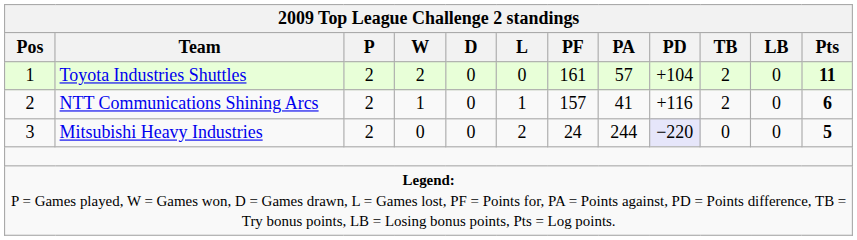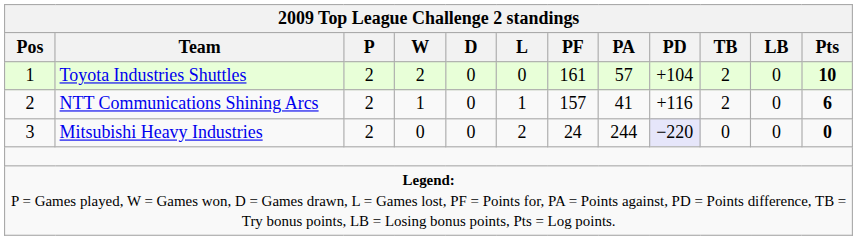 <table class="wikitable" style="text-align:center; font-size:100%; width:60%;">
 <tr>
 <th colspan="100%" cellpadding="0" cellspacing="0"><strong>2009 Top League Challenge 2 standings</strong></th>
 </tr>
 <tr>
 <th style="width:6%;">Pos</th>
 <th style="width:34%;">Team</th>
 <th style="width:6%;">P</th>
 <th style="width:6%;">W</th>
 <th style="width:6%;">D</th>
 <th style="width:6%;">L</th>
 <th style="width:6%;">PF</th>
 <th style="width:6%;">PA</th>
 <th style="width:6%;">PD</th>
 <th style="width:6%;">TB</th>
 <th style="width:6%;">LB</th>
 <th style="width:6%;">Pts<br></th>
 </tr>
 <tr style="background:#E8FFD8;">
 <td>1</td>
 <td style="text-align:left;"><a href='#'>Toyota Industries Shuttles</a></td>
 <td>2</td>
 <td>2</td>
 <td>0</td>
 <td>0</td>
 <td>161</td>
 <td>57</td>
 <td>+104</td>
 <td>2</td>
 <td>0</td>
-<td><strong>11</strong></td>
+<td><strong>10</strong></td>
 </tr>
 <tr>
 <td>2</td>
 <td style="text-align:left;"><a href='#'>NTT Communications Shining Arcs</a></td>
 <td>2</td>
 <td>1</td>
 <td>0</td>
 <td>1</td>
 <td>157</td>
 <td>41</td>
 <td>+116</td>
 <td>2</td>
 <td>0</td>
 <td><strong>6</strong></td>
 </tr>
 <tr>
 <td>3</td>
 <td style="text-align:left;"><a href='#'>Mitsubishi Heavy Industries</a></td>
 <td>2</td>
 <td>0</td>
 <td>0</td>
 <td>2</td>
 <td>24</td>
 <td>244</td>
 <td style="background: lavender;">−220</td>
 <td>0</td>
 <td>0</td>
-<td><strong>5</strong></td>
+<td><strong>0</strong></td>
 </tr>
 <tr>
 <td colspan="100%" style="height:10px;"></td>
 </tr>
 <tr>
 <td colspan="100%"><small><strong>Legend:</strong> <br> P = Games played, W = Games won, D = Games drawn, L = Games lost, PF = Points for, PA = Points against, PD = Points difference, TB = Try bonus points, LB = Losing bonus points, Pts = Log points.</small></td>
 </tr>
 </table>
